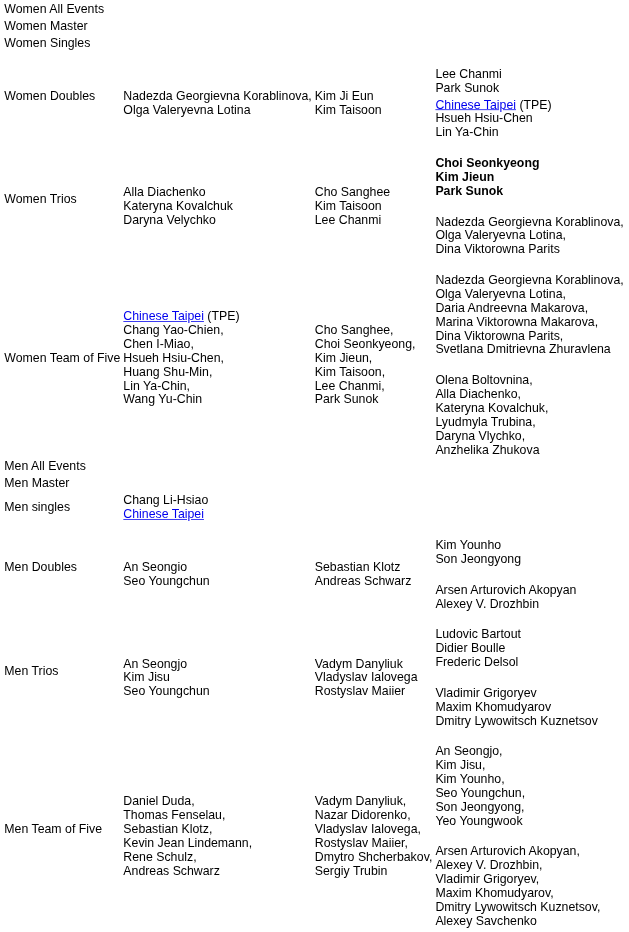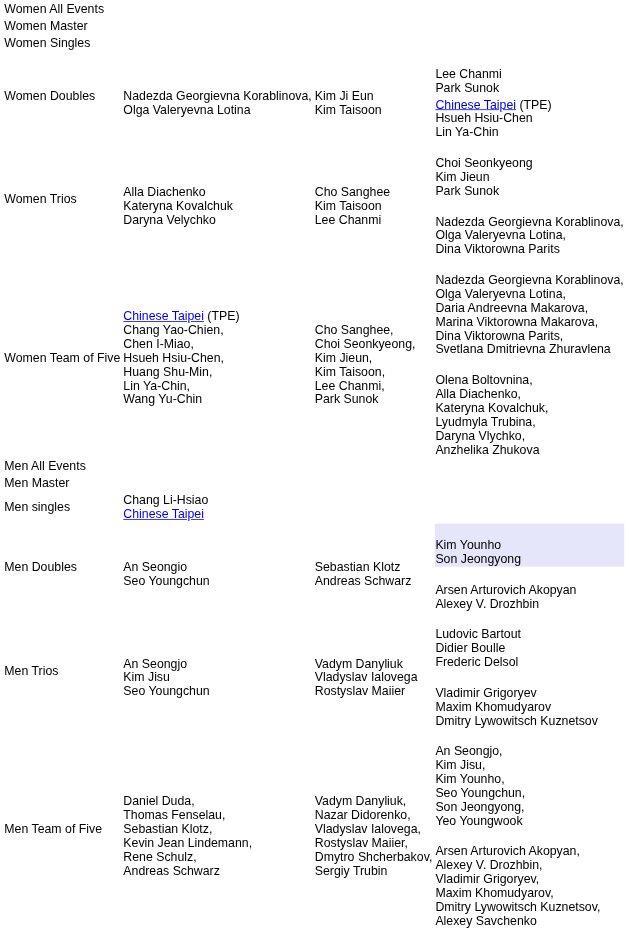 <table>
 <tr>
 <td>Women All Events</td>
 <td></td>
 <td></td>
 <td></td>
 </tr>
 <tr>
 <td rowspan=2>Women Master</td>
 <td rowspan=2></td>
 <td rowspan=2></td>
 <td></td>
 </tr>
 <tr>
 <td></td>
 </tr>
 <tr>
 <td rowspan=2>Women Singles</td>
 <td rowspan=2></td>
 <td rowspan=2></td>
 <td></td>
 </tr>
 <tr>
 <td></td>
 </tr>
 <tr>
 <td rowspan=2>Women Doubles</td>
 <td rowspan=2><br>Nadezda Georgievna Korablinova,<br>Olga Valeryevna Lotina</td>
 <td rowspan=2><br>Kim Ji Eun<br>Kim Taisoon</td>
 <td><br>Lee Chanmi<br>Park Sunok</td>
 </tr>
 <tr>
 <td> <a href='#'>Chinese Taipei</a> <span>(TPE)</span><br>Hsueh Hsiu-Chen<br>Lin Ya-Chin</td>
 </tr>
 <tr>
 <td rowspan=2>Women Trios</td>
 <td rowspan=2><br>Alla Diachenko<br>Kateryna Kovalchuk<br>Daryna Velychko</td>
 <td rowspan=2><br>Cho Sanghee<br>Kim Taisoon<br>Lee Chanmi</td>
-<td><strong><br>Choi Seonkyeong<br>Kim Jieun<br>Park Sunok</strong></td>
+<td><br>Choi Seonkyeong<br>Kim Jieun<br>Park Sunok</td>
 </tr>
 <tr>
 <td><br>Nadezda Georgievna Korablinova,<br>Olga Valeryevna Lotina,<br>Dina Viktorowna Parits</td>
 </tr>
 <tr>
 <td rowspan=2>Women Team of Five</td>
 <td rowspan=2> <a href='#'>Chinese Taipei</a> <span>(TPE)</span><br>Chang Yao-Chien,<br>Chen I-Miao,<br>Hsueh Hsiu-Chen,<br>Huang Shu-Min,<br>Lin Ya-Chin,<br>Wang Yu-Chin</td>
 <td rowspan=2><br>Cho Sanghee,<br>Choi Seonkyeong,<br>Kim Jieun,<br>Kim Taisoon,<br>Lee Chanmi,<br>Park Sunok</td>
 <td><br>Nadezda Georgievna Korablinova,<br>Olga Valeryevna Lotina,<br>Daria Andreevna Makarova,<br>Marina Viktorowna Makarova,<br>Dina Viktorowna Parits,<br>Svetlana Dmitrievna Zhuravlena</td>
 </tr>
 <tr>
 <td><br>Olena Boltovnina,<br>Alla Diachenko,<br>Kateryna Kovalchuk,<br>Lyudmyla Trubina,<br>Daryna Vlychko,<br>Anzhelika Zhukova</td>
 </tr>
 <tr>
 <td>Men All Events</td>
 <td></td>
 <td></td>
 <td></td>
 </tr>
 <tr>
 <td rowspan=2>Men Master</td>
 <td rowspan=2></td>
 <td rowspan=2></td>
 <td></td>
 </tr>
 <tr>
 <td></td>
 </tr>
 <tr>
 <td rowspan=2>Men singles</td>
 <td rowspan=2>Chang Li-Hsiao<br> <a href='#'>Chinese Taipei</a></td>
 <td rowspan=2></td>
 <td></td>
 </tr>
 <tr>
 <td></td>
 </tr>
 <tr>
 <td rowspan=2>Men Doubles</td>
 <td rowspan=2><br>An Seongio<br>Seo Youngchun</td>
 <td rowspan=2><br>Sebastian Klotz<br>Andreas Schwarz</td>
-<td><br>Kim Younho<br>Son Jeongyong</td>
+<td style="background: lavender;"><br>Kim Younho<br>Son Jeongyong</td>
 </tr>
 <tr>
 <td><br>Arsen Arturovich Akopyan<br>Alexey V. Drozhbin</td>
 </tr>
 <tr>
 <td rowspan=2>Men Trios</td>
 <td rowspan=2><br>An Seongjo<br>Kim Jisu<br>Seo Youngchun</td>
 <td rowspan=2><br>Vadym Danyliuk<br>Vladyslav Ialovega<br>Rostyslav Maiier</td>
 <td><br>Ludovic Bartout<br>Didier Boulle<br>Frederic Delsol</td>
 </tr>
 <tr>
 <td><br>Vladimir Grigoryev<br>Maxim Khomudyarov<br>Dmitry Lywowitsch Kuznetsov</td>
 </tr>
 <tr>
 <td rowspan=2>Men Team of Five</td>
 <td rowspan=2><br>Daniel Duda,<br>Thomas Fenselau,<br>Sebastian Klotz,<br>Kevin Jean Lindemann,<br>Rene Schulz,<br>Andreas Schwarz</td>
 <td rowspan=2><br>Vadym Danyliuk,<br>Nazar Didorenko,<br>Vladyslav Ialovega,<br>Rostyslav Maiier,<br>Dmytro Shcherbakov,<br>Sergiy Trubin</td>
 <td><br>An Seongjo,<br>Kim Jisu,<br>Kim Younho,<br>Seo Youngchun,<br>Son Jeongyong,<br>Yeo Youngwook</td>
 </tr>
 <tr>
 <td><br>Arsen Arturovich Akopyan,<br>Alexey V. Drozhbin,<br>Vladimir Grigoryev,<br>Maxim Khomudyarov,<br>Dmitry Lywowitsch Kuznetsov,<br>Alexey Savchenko</td>
 </tr>
 </table>
